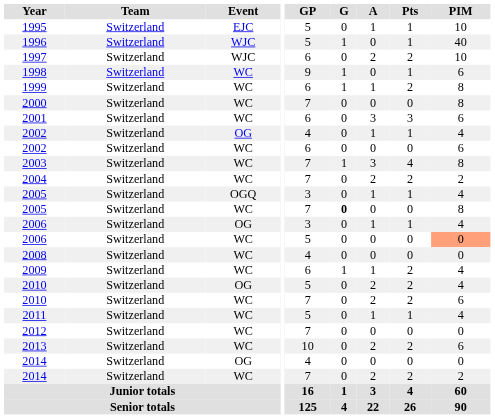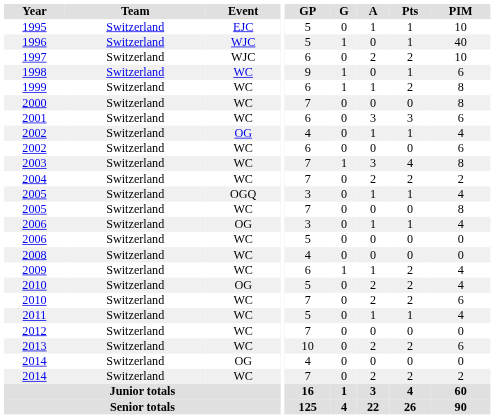 <table border="0" cellpadding="1" cellspacing="0" ID="Table3" style="text-align:center; width:40em">
 <tr ALIGN="center" bgcolor="#e0e0e0">
 <th>Year</th>
 <th>Team</th>
 <th>Event</th>
 <th rowspan="99" bgcolor="#ffffff"></th>
 <th>GP</th>
 <th>G</th>
 <th>A</th>
 <th>Pts</th>
 <th>PIM</th>
 </tr>
 <tr>
 <td><a href='#'>1995</a></td>
 <td><a href='#'>Switzerland</a></td>
 <td><a href='#'>EJC</a></td>
 <td>5</td>
 <td>0</td>
 <td>1</td>
 <td>1</td>
 <td>10</td>
 </tr>
 <tr bgcolor="#f0f0f0">
 <td><a href='#'>1996</a></td>
 <td><a href='#'>Switzerland</a></td>
 <td><a href='#'>WJC</a></td>
 <td>5</td>
 <td>1</td>
 <td>0</td>
 <td>1</td>
 <td>40</td>
 </tr>
 <tr>
 <td><a href='#'>1997</a></td>
 <td>Switzerland</td>
 <td>WJC</td>
 <td>6</td>
 <td>0</td>
 <td>2</td>
 <td>2</td>
 <td>10</td>
 </tr>
 <tr bgcolor="#f0f0f0">
 <td><a href='#'>1998</a></td>
 <td><a href='#'>Switzerland</a></td>
 <td><a href='#'>WC</a></td>
 <td>9</td>
 <td>1</td>
 <td>0</td>
 <td>1</td>
 <td>6</td>
 </tr>
 <tr>
 <td><a href='#'>1999</a></td>
 <td>Switzerland</td>
 <td>WC</td>
 <td>6</td>
 <td>1</td>
 <td>1</td>
 <td>2</td>
 <td>8</td>
 </tr>
 <tr bgcolor="#f0f0f0">
 <td><a href='#'>2000</a></td>
 <td>Switzerland</td>
 <td>WC</td>
 <td>7</td>
 <td>0</td>
 <td>0</td>
 <td>0</td>
 <td>8</td>
 </tr>
 <tr>
 <td><a href='#'>2001</a></td>
 <td>Switzerland</td>
 <td>WC</td>
 <td>6</td>
 <td>0</td>
 <td>3</td>
 <td>3</td>
 <td>6</td>
 </tr>
 <tr bgcolor="#f0f0f0">
 <td><a href='#'>2002</a></td>
 <td>Switzerland</td>
 <td><a href='#'>OG</a></td>
 <td>4</td>
 <td>0</td>
 <td>1</td>
 <td>1</td>
 <td>4</td>
 </tr>
 <tr>
 <td><a href='#'>2002</a></td>
 <td>Switzerland</td>
 <td>WC</td>
 <td>6</td>
 <td>0</td>
 <td>0</td>
 <td>0</td>
 <td>6</td>
 </tr>
 <tr bgcolor="#f0f0f0">
 <td><a href='#'>2003</a></td>
 <td>Switzerland</td>
 <td>WC</td>
 <td>7</td>
 <td>1</td>
 <td>3</td>
 <td>4</td>
 <td>8</td>
 </tr>
 <tr>
 <td><a href='#'>2004</a></td>
 <td>Switzerland</td>
 <td>WC</td>
 <td>7</td>
 <td>0</td>
 <td>2</td>
 <td>2</td>
 <td>2</td>
 </tr>
 <tr bgcolor="#f0f0f0">
 <td><a href='#'>2005</a></td>
 <td>Switzerland</td>
 <td>OGQ</td>
 <td>3</td>
 <td>0</td>
 <td>1</td>
 <td>1</td>
 <td>4</td>
 </tr>
 <tr>
 <td><a href='#'>2005</a></td>
 <td>Switzerland</td>
 <td>WC</td>
 <td>7</td>
-<td><strong>0</strong></td>
+<td>0</td>
 <td>0</td>
 <td>0</td>
 <td>8</td>
 </tr>
 <tr bgcolor="#f0f0f0">
 <td><a href='#'>2006</a></td>
 <td>Switzerland</td>
 <td>OG</td>
 <td>3</td>
 <td>0</td>
 <td>1</td>
 <td>1</td>
 <td>4</td>
 </tr>
 <tr>
 <td><a href='#'>2006</a></td>
 <td>Switzerland</td>
 <td>WC</td>
 <td>5</td>
 <td>0</td>
 <td>0</td>
 <td>0</td>
-<td style="background: lightsalmon;">0</td>
+<td>0</td>
 </tr>
 <tr bgcolor="#f0f0f0">
 <td><a href='#'>2008</a></td>
 <td>Switzerland</td>
 <td>WC</td>
 <td>4</td>
 <td>0</td>
 <td>0</td>
 <td>0</td>
 <td>0</td>
 </tr>
 <tr>
 <td><a href='#'>2009</a></td>
 <td>Switzerland</td>
 <td>WC</td>
 <td>6</td>
 <td>1</td>
 <td>1</td>
 <td>2</td>
 <td>4</td>
 </tr>
 <tr bgcolor="#f0f0f0">
 <td><a href='#'>2010</a></td>
 <td>Switzerland</td>
 <td>OG</td>
 <td>5</td>
 <td>0</td>
 <td>2</td>
 <td>2</td>
 <td>4</td>
 </tr>
 <tr>
 <td><a href='#'>2010</a></td>
 <td>Switzerland</td>
 <td>WC</td>
 <td>7</td>
 <td>0</td>
 <td>2</td>
 <td>2</td>
 <td>6</td>
 </tr>
 <tr bgcolor="#f0f0f0">
 <td><a href='#'>2011</a></td>
 <td>Switzerland</td>
 <td>WC</td>
 <td>5</td>
 <td>0</td>
 <td>1</td>
 <td>1</td>
 <td>4</td>
 </tr>
 <tr>
 <td><a href='#'>2012</a></td>
 <td>Switzerland</td>
 <td>WC</td>
 <td>7</td>
 <td>0</td>
 <td>0</td>
 <td>0</td>
 <td>0</td>
 </tr>
 <tr bgcolor="#f0f0f0">
 <td><a href='#'>2013</a></td>
 <td>Switzerland</td>
 <td>WC</td>
 <td>10</td>
 <td>0</td>
 <td>2</td>
 <td>2</td>
 <td>6</td>
 </tr>
 <tr>
 <td><a href='#'>2014</a></td>
 <td>Switzerland</td>
 <td>OG</td>
 <td>4</td>
 <td>0</td>
 <td>0</td>
 <td>0</td>
 <td>0</td>
 </tr>
 <tr bgcolor="#f0f0f0">
 <td><a href='#'>2014</a></td>
 <td>Switzerland</td>
 <td>WC</td>
 <td>7</td>
 <td>0</td>
 <td>2</td>
 <td>2</td>
 <td>2</td>
 </tr>
 <tr style="background: #e0e0e0;">
 <th colspan="3">Junior totals</th>
 <th>16</th>
 <th>1</th>
 <th>3</th>
 <th>4</th>
 <th>60</th>
 </tr>
 <tr style="background: #e0e0e0;">
 <th colspan="3">Senior totals</th>
 <th>125</th>
 <th>4</th>
 <th>22</th>
 <th>26</th>
 <th>90</th>
 </tr>
 </table>
